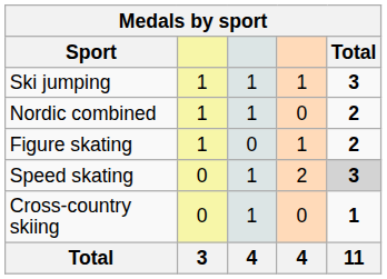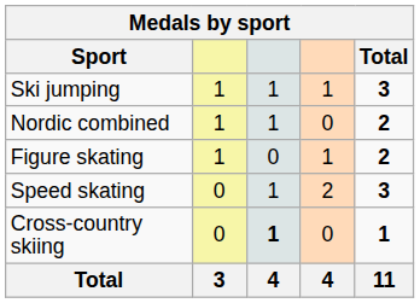 <table class="wikitable" style="font-size:90%; text-align:center;">
 <tr>
 <th colspan=5>Medals by sport</th>
 </tr>
 <tr>
 <th width=120>Sport</th>
 <th scope="col" width=30 style="background:#F7F6A8;"></th>
 <th scope="col" width=30 style="background:#DCE5E5;"></th>
 <th scope="col" width=30 style="background:#FFDAB9;"></th>
 <th width=30>Total</th>
 </tr>
 <tr>
 <td align=left>Ski jumping</td>
 <td style="background:#F7F6A8;">1</td>
 <td style="background:#DCE5E5;">1</td>
 <td style="background:#FFDAB9;">1</td>
 <td><strong>3</strong></td>
 </tr>
 <tr>
 <td align=left>Nordic combined</td>
 <td style="background:#F7F6A8;">1</td>
 <td style="background:#DCE5E5;">1</td>
 <td style="background:#FFDAB9;">0</td>
 <td><strong>2</strong></td>
 </tr>
 <tr>
 <td align=left>Figure skating</td>
 <td style="background:#F7F6A8;">1</td>
 <td style="background:#DCE5E5;">0</td>
 <td style="background:#FFDAB9;">1</td>
 <td><strong>2</strong></td>
 </tr>
 <tr>
 <td align=left>Speed skating</td>
 <td style="background:#F7F6A8;">0</td>
 <td style="background:#DCE5E5;">1</td>
 <td style="background:#FFDAB9;">2</td>
-<td style="background: lightgrey;"><strong>3</strong></td>
+<td><strong>3</strong></td>
 </tr>
 <tr>
 <td align=left>Cross-country skiing</td>
 <td style="background:#F7F6A8;">0</td>
-<td style="background:#DCE5E5;">1</td>
+<td style="background:#DCE5E5;"><strong>1</strong></td>
 <td style="background:#FFDAB9;">0</td>
 <td><strong>1</strong></td>
 </tr>
 <tr class="sortbottom">
 <th>Total</th>
 <th>3</th>
 <th>4</th>
 <th>4</th>
 <th>11</th>
 </tr>
 </table>
